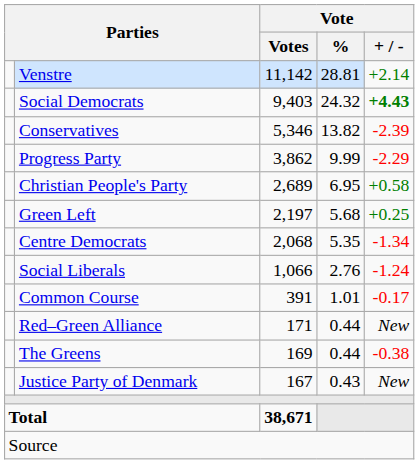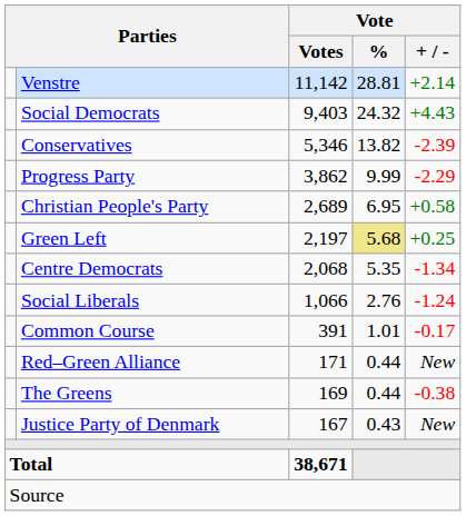 <table class="wikitable" style="text-align:right;">
 <tr>
 <th style="text-align:centre;" rowspan="2" colspan="2" width="225">Parties</th>
 <th colspan="3">Vote</th>
 </tr>
 <tr>
 <th width="15">Votes</th>
 <th width="15">%</th>
 <th width="15">+ / -</th>
 </tr>
 <tr>
 <td width="2" style="color:inherit;background:"></td>
 <td bgcolor=#cfe5fe  align="left"><a href='#'>Venstre</a></td>
 <td bgcolor=#cfe5fe>11,142</td>
 <td bgcolor=#cfe5fe>28.81</td>
 <td style=color:green;>+2.14</td>
 </tr>
 <tr>
 <td width="2" style="color:inherit;background:"></td>
 <td align="left"><a href='#'>Social Democrats</a></td>
 <td>9,403</td>
 <td>24.32</td>
-<td style=color:green;><strong>+4.43</strong></td>
+<td style=color:green;>+4.43</td>
 </tr>
 <tr>
 <td width="2" style="color:inherit;background:"></td>
 <td align="left"><a href='#'>Conservatives</a></td>
 <td>5,346</td>
 <td>13.82</td>
 <td style=color:red;>-2.39</td>
 </tr>
 <tr>
 <td width="2" style="color:inherit;background:"></td>
 <td align="left"><a href='#'>Progress Party</a></td>
 <td>3,862</td>
 <td>9.99</td>
 <td style=color:red;>-2.29</td>
 </tr>
 <tr>
 <td width="2" style="color:inherit;background:"></td>
 <td align="left"><a href='#'>Christian People's Party</a></td>
 <td>2,689</td>
 <td>6.95</td>
 <td style=color:green;>+0.58</td>
 </tr>
 <tr>
 <td width="2" style="color:inherit;background:"></td>
 <td align="left"><a href='#'>Green Left</a></td>
 <td>2,197</td>
-<td>5.68</td>
+<td style="background: khaki;">5.68</td>
 <td style=color:green;>+0.25</td>
 </tr>
 <tr>
 <td width="2" style="color:inherit;background:"></td>
 <td align="left"><a href='#'>Centre Democrats</a></td>
 <td>2,068</td>
 <td>5.35</td>
 <td style=color:red;>-1.34</td>
 </tr>
 <tr>
 <td width="2" style="color:inherit;background:"></td>
 <td align="left"><a href='#'>Social Liberals</a></td>
 <td>1,066</td>
 <td>2.76</td>
 <td style=color:red;>-1.24</td>
 </tr>
 <tr>
 <td width="2" style="color:inherit;background:"></td>
 <td align="left"><a href='#'>Common Course</a></td>
 <td>391</td>
 <td>1.01</td>
 <td style=color:red;>-0.17</td>
 </tr>
 <tr>
 <td width="2" style="color:inherit;background:"></td>
 <td align="left"><a href='#'>Red–Green Alliance</a></td>
 <td>171</td>
 <td>0.44</td>
 <td><em>New</em></td>
 </tr>
 <tr>
 <td width="2" style="color:inherit;background:"></td>
 <td align="left"><a href='#'>The Greens</a></td>
 <td>169</td>
 <td>0.44</td>
 <td style=color:red;>-0.38</td>
 </tr>
 <tr>
 <td width="2" style="color:inherit;background:"></td>
 <td align="left"><a href='#'>Justice Party of Denmark</a></td>
 <td>167</td>
 <td>0.43</td>
 <td><em>New</em></td>
 </tr>
 <tr>
 <td colspan="7" bgcolor="#E9E9E9"></td>
 </tr>
 <tr>
 <td align="left" colspan="2"><strong>Total</strong></td>
 <td><strong>38,671</strong></td>
 <td bgcolor="#E9E9E9" colspan="2"></td>
 </tr>
 <tr>
 <td align="left" colspan="6">Source</td>
 </tr>
 </table>
